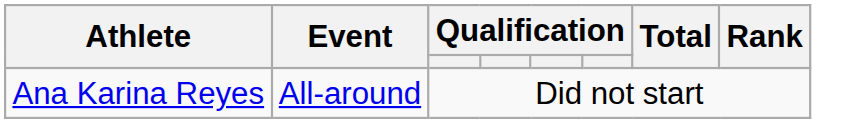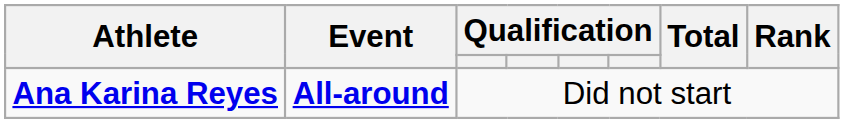 <table class="wikitable" style="font-size:90%">
 <tr>
 <th rowspan=2>Athlete</th>
 <th rowspan=2>Event</th>
 <th colspan=4>Qualification</th>
 <th rowspan=2>Total</th>
 <th rowspan=2>Rank</th>
 </tr>
 <tr style="font-size:95%">
 <th></th>
 <th></th>
 <th></th>
 <th></th>
 </tr>
 <tr align=center>
-<td align=left><a href='#'>Ana Karina Reyes⁣</a></td>
-<td align=left><a href='#'>All-around</a></td>
+<td align=left><strong><a href='#'>Ana Karina Reyes⁣</a></strong></td>
+<td align=left><strong><a href='#'>All-around</a></strong></td>
 <td colspan=6>Did not start</td>
 </tr>
 </table>
